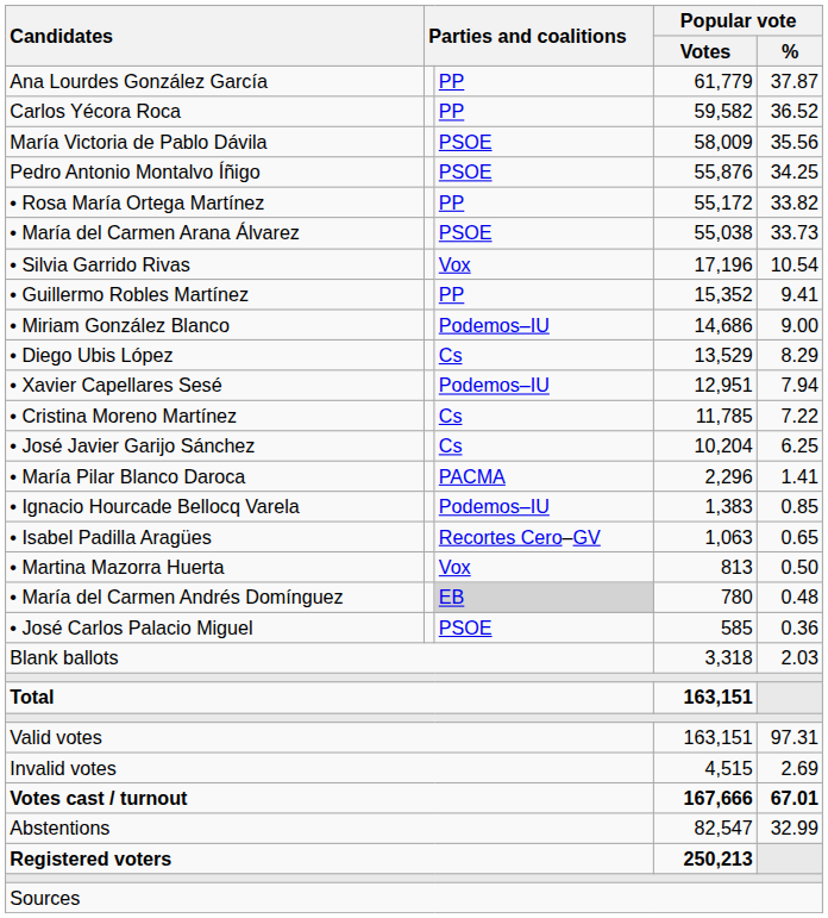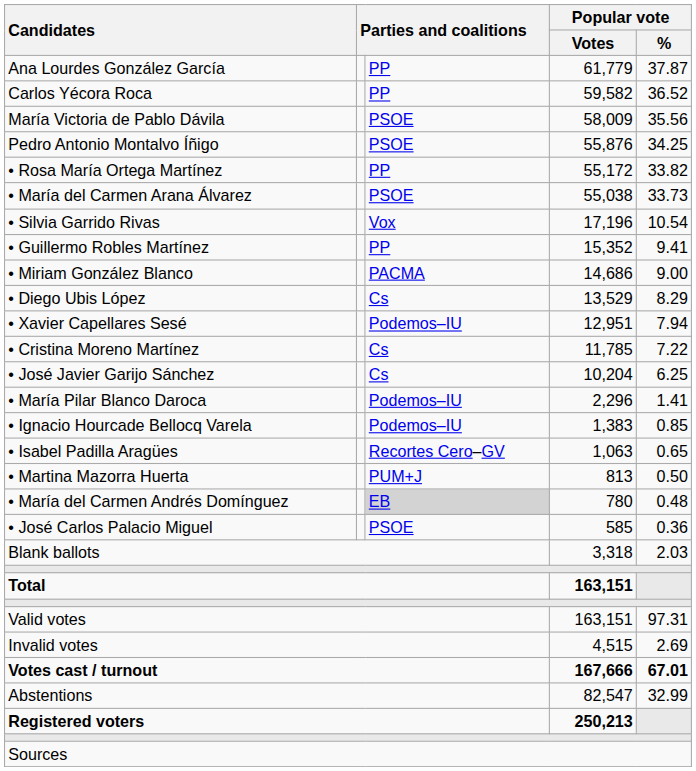 <table class="wikitable" style="text-align:right; font-size:95%;">
 <tr>
 <th style="text-align:left;" rowspan="2" width="325">Candidates</th>
 <th style="text-align:left;" rowspan="2" colspan="2" width="175">Parties and coalitions</th>
 <th colspan="2">Popular vote</th>
 </tr>
 <tr>
 <th width="75">Votes</th>
 <th width="45">%</th>
 </tr>
 <tr>
 <td align="left"> Ana Lourdes González García</td>
 <td width="1" style="color:inherit;background:"></td>
 <td align="left"><a href='#'>PP</a></td>
 <td>61,779</td>
 <td>37.87</td>
 </tr>
 <tr>
 <td align="left"> Carlos Yécora Roca</td>
 <td style="color:inherit;background:"></td>
 <td align="left"><a href='#'>PP</a></td>
 <td>59,582</td>
 <td>36.52</td>
 </tr>
 <tr>
 <td align="left"> María Victoria de Pablo Dávila</td>
 <td style="color:inherit;background:"></td>
 <td align="left"><a href='#'>PSOE</a></td>
 <td>58,009</td>
 <td>35.56</td>
 </tr>
 <tr>
 <td align="left"> Pedro Antonio Montalvo Íñigo</td>
 <td style="color:inherit;background:"></td>
 <td align="left"><a href='#'>PSOE</a></td>
 <td>55,876</td>
 <td>34.25</td>
 </tr>
 <tr>
 <td align="left">• Rosa María Ortega Martínez</td>
 <td style="color:inherit;background:"></td>
 <td align="left"><a href='#'>PP</a></td>
 <td>55,172</td>
 <td>33.82</td>
 </tr>
 <tr>
 <td align="left">• María del Carmen Arana Álvarez</td>
 <td style="color:inherit;background:"></td>
 <td align="left"><a href='#'>PSOE</a></td>
 <td>55,038</td>
 <td>33.73</td>
 </tr>
 <tr>
 <td align="left">• Silvia Garrido Rivas</td>
 <td style="color:inherit;background:"></td>
 <td align="left"><a href='#'>Vox</a></td>
 <td>17,196</td>
 <td>10.54</td>
 </tr>
 <tr>
 <td align="left">• Guillermo Robles Martínez</td>
 <td style="color:inherit;background:"></td>
 <td align="left"><a href='#'>PP</a></td>
 <td>15,352</td>
 <td>9.41</td>
 </tr>
 <tr>
 <td align="left">• Miriam González Blanco</td>
 <td style="color:inherit;background:"></td>
-<td align="left"><a href='#'>Podemos–IU</a></td>
+<td align="left"><a href='#'>PACMA</a></td>
 <td>14,686</td>
 <td>9.00</td>
 </tr>
 <tr>
 <td align="left">• Diego Ubis López</td>
 <td style="color:inherit;background:"></td>
 <td align="left"><a href='#'>Cs</a></td>
 <td>13,529</td>
 <td>8.29</td>
 </tr>
 <tr>
 <td align="left">• Xavier Capellares Sesé</td>
 <td style="color:inherit;background:"></td>
 <td align="left"><a href='#'>Podemos–IU</a></td>
 <td>12,951</td>
 <td>7.94</td>
 </tr>
 <tr>
 <td align="left">• Cristina Moreno Martínez</td>
 <td style="color:inherit;background:"></td>
 <td align="left"><a href='#'>Cs</a></td>
 <td>11,785</td>
 <td>7.22</td>
 </tr>
 <tr>
 <td align="left">• José Javier Garijo Sánchez</td>
 <td style="color:inherit;background:"></td>
 <td align="left"><a href='#'>Cs</a></td>
 <td>10,204</td>
 <td>6.25</td>
 </tr>
 <tr>
 <td align="left">• María Pilar Blanco Daroca</td>
 <td style="color:inherit;background:"></td>
-<td align="left"><a href='#'>PACMA</a></td>
+<td align="left"><a href='#'>Podemos–IU</a></td>
 <td>2,296</td>
 <td>1.41</td>
 </tr>
 <tr>
 <td align="left">• Ignacio Hourcade Bellocq Varela</td>
 <td style="color:inherit;background:"></td>
 <td align="left"><a href='#'>Podemos–IU</a></td>
 <td>1,383</td>
 <td>0.85</td>
 </tr>
 <tr>
 <td align="left">• Isabel Padilla Aragües</td>
 <td style="color:inherit;background:"></td>
 <td align="left"><a href='#'>Recortes Cero</a>–<a href='#'>GV</a></td>
 <td>1,063</td>
 <td>0.65</td>
 </tr>
 <tr>
 <td align="left">• Martina Mazorra Huerta</td>
 <td style="color:inherit;background:"></td>
-<td align="left"><a href='#'>Vox</a></td>
+<td align="left"><a href='#'>PUM+J</a></td>
 <td>813</td>
 <td>0.50</td>
 </tr>
 <tr>
 <td align="left">• María del Carmen Andrés Domínguez</td>
 <td style="color:inherit;background:"></td>
 <td align="left" style="background: lightgrey;"><a href='#'>EB</a></td>
 <td>780</td>
 <td>0.48</td>
 </tr>
 <tr>
 <td align="left">• José Carlos Palacio Miguel</td>
 <td style="color:inherit;background:"></td>
 <td align="left"><a href='#'>PSOE</a></td>
 <td>585</td>
 <td>0.36</td>
 </tr>
 <tr>
 <td align="left" colspan="3">Blank ballots</td>
 <td>3,318</td>
 <td>2.03</td>
 </tr>
 <tr>
 <td colspan="5" bgcolor="#E9E9E9"></td>
 </tr>
 <tr style="font-weight:bold;">
 <td align="left" colspan="3">Total</td>
 <td>163,151</td>
 <td bgcolor="#E9E9E9"></td>
 </tr>
 <tr>
 <td colspan="5" bgcolor="#E9E9E9"></td>
 </tr>
 <tr>
 <td align="left" colspan="3">Valid votes</td>
 <td>163,151</td>
 <td>97.31</td>
 </tr>
 <tr>
 <td align="left" colspan="3">Invalid votes</td>
 <td>4,515</td>
 <td>2.69</td>
 </tr>
 <tr style="font-weight:bold;">
 <td align="left" colspan="3">Votes cast / turnout</td>
 <td>167,666</td>
 <td>67.01</td>
 </tr>
 <tr>
 <td align="left" colspan="3">Abstentions</td>
 <td>82,547</td>
 <td>32.99</td>
 </tr>
 <tr style="font-weight:bold;">
 <td align="left" colspan="3">Registered voters</td>
 <td>250,213</td>
 <td bgcolor="#E9E9E9"></td>
 </tr>
 <tr>
 <td colspan="5" bgcolor="#E9E9E9"></td>
 </tr>
 <tr>
 <td align="left" colspan="5">Sources</td>
 </tr>
 </table>
